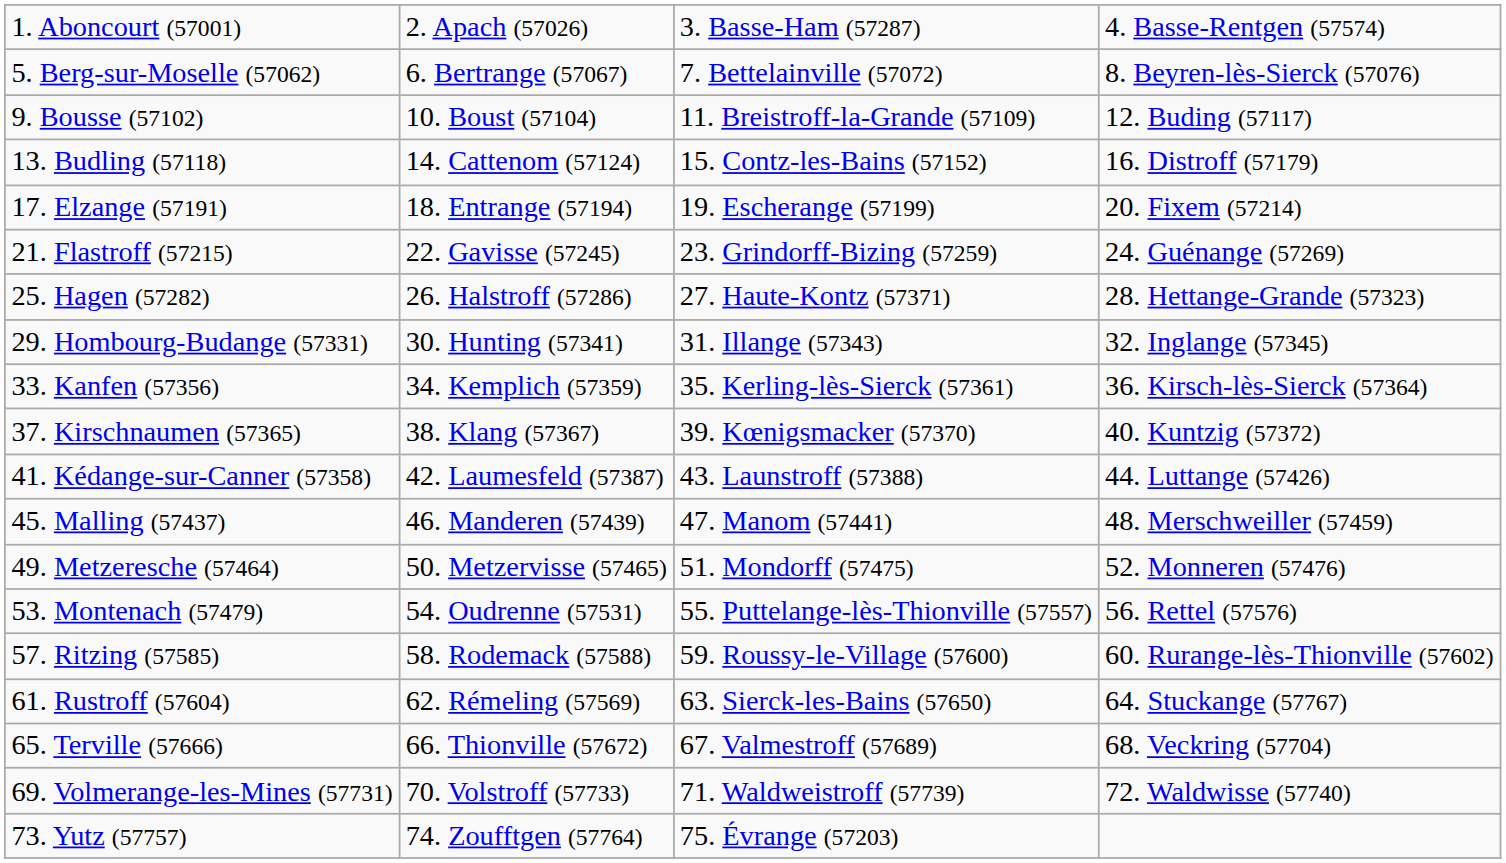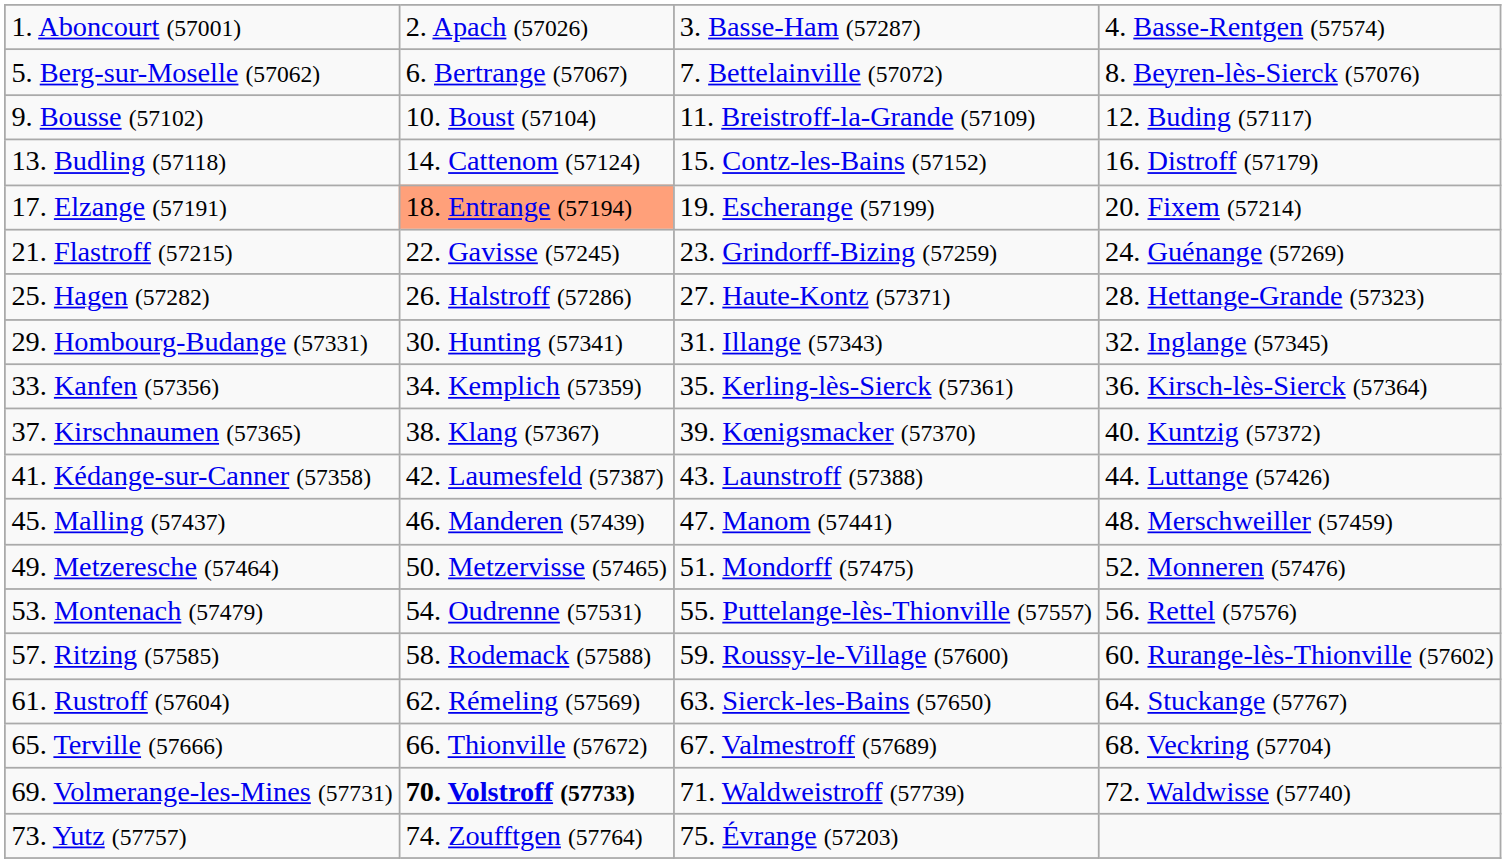 <table class="wikitable">
 <tr>
 <td>1. <a href='#'>Aboncourt</a> <small>(57001)</small></td>
 <td>2. <a href='#'>Apach</a> <small>(57026)</small></td>
 <td>3. <a href='#'>Basse-Ham</a> <small>(57287)</small></td>
 <td>4. <a href='#'>Basse-Rentgen</a> <small>(57574)</small></td>
 </tr>
 <tr>
 <td>5. <a href='#'>Berg-sur-Moselle</a> <small>(57062)</small></td>
 <td>6. <a href='#'>Bertrange</a> <small>(57067)</small></td>
 <td>7. <a href='#'>Bettelainville</a> <small>(57072)</small></td>
 <td>8. <a href='#'>Beyren-lès-Sierck</a> <small>(57076)</small></td>
 </tr>
 <tr>
 <td>9. <a href='#'>Bousse</a> <small>(57102)</small></td>
 <td>10. <a href='#'>Boust</a> <small>(57104)</small></td>
 <td>11. <a href='#'>Breistroff-la-Grande</a> <small>(57109)</small></td>
 <td>12. <a href='#'>Buding</a> <small>(57117)</small></td>
 </tr>
 <tr>
 <td>13. <a href='#'>Budling</a> <small>(57118)</small></td>
 <td>14. <a href='#'>Cattenom</a> <small>(57124)</small></td>
 <td>15. <a href='#'>Contz-les-Bains</a> <small>(57152)</small></td>
 <td>16. <a href='#'>Distroff</a> <small>(57179)</small></td>
 </tr>
 <tr>
 <td>17. <a href='#'>Elzange</a> <small>(57191)</small></td>
-<td>18. <a href='#'>Entrange</a> <small>(57194)</small></td>
+<td style="background: lightsalmon;">18. <a href='#'>Entrange</a> <small>(57194)</small></td>
 <td>19. <a href='#'>Escherange</a> <small>(57199)</small></td>
 <td>20. <a href='#'>Fixem</a> <small>(57214)</small></td>
 </tr>
 <tr>
 <td>21. <a href='#'>Flastroff</a> <small>(57215)</small></td>
 <td>22. <a href='#'>Gavisse</a> <small>(57245)</small></td>
 <td>23. <a href='#'>Grindorff-Bizing</a> <small>(57259)</small></td>
 <td>24. <a href='#'>Guénange</a> <small>(57269)</small></td>
 </tr>
 <tr>
 <td>25. <a href='#'>Hagen</a> <small>(57282)</small></td>
 <td>26. <a href='#'>Halstroff</a> <small>(57286)</small></td>
 <td>27. <a href='#'>Haute-Kontz</a> <small>(57371)</small></td>
 <td>28. <a href='#'>Hettange-Grande</a> <small>(57323)</small></td>
 </tr>
 <tr>
 <td>29. <a href='#'>Hombourg-Budange</a> <small>(57331)</small></td>
 <td>30. <a href='#'>Hunting</a> <small>(57341)</small></td>
 <td>31. <a href='#'>Illange</a> <small>(57343)</small></td>
 <td>32. <a href='#'>Inglange</a> <small>(57345)</small></td>
 </tr>
 <tr>
 <td>33. <a href='#'>Kanfen</a> <small>(57356)</small></td>
 <td>34. <a href='#'>Kemplich</a> <small>(57359)</small></td>
 <td>35. <a href='#'>Kerling-lès-Sierck</a> <small>(57361)</small></td>
 <td>36. <a href='#'>Kirsch-lès-Sierck</a> <small>(57364)</small></td>
 </tr>
 <tr>
 <td>37. <a href='#'>Kirschnaumen</a> <small>(57365)</small></td>
 <td>38. <a href='#'>Klang</a> <small>(57367)</small></td>
 <td>39. <a href='#'>Kœnigsmacker</a> <small>(57370)</small></td>
 <td>40. <a href='#'>Kuntzig</a> <small>(57372)</small></td>
 </tr>
 <tr>
 <td>41. <a href='#'>Kédange-sur-Canner</a> <small>(57358)</small></td>
 <td>42. <a href='#'>Laumesfeld</a> <small>(57387)</small></td>
 <td>43. <a href='#'>Launstroff</a> <small>(57388)</small></td>
 <td>44. <a href='#'>Luttange</a> <small>(57426)</small></td>
 </tr>
 <tr>
 <td>45. <a href='#'>Malling</a> <small>(57437)</small></td>
 <td>46. <a href='#'>Manderen</a> <small>(57439)</small></td>
 <td>47. <a href='#'>Manom</a> <small>(57441)</small></td>
 <td>48. <a href='#'>Merschweiller</a> <small>(57459)</small></td>
 </tr>
 <tr>
 <td>49. <a href='#'>Metzeresche</a> <small>(57464)</small></td>
 <td>50. <a href='#'>Metzervisse</a> <small>(57465)</small></td>
 <td>51. <a href='#'>Mondorff</a> <small>(57475)</small></td>
 <td>52. <a href='#'>Monneren</a> <small>(57476)</small></td>
 </tr>
 <tr>
 <td>53. <a href='#'>Montenach</a> <small>(57479)</small></td>
 <td>54. <a href='#'>Oudrenne</a> <small>(57531)</small></td>
 <td>55. <a href='#'>Puttelange-lès-Thionville</a> <small>(57557)</small></td>
 <td>56. <a href='#'>Rettel</a> <small>(57576)</small></td>
 </tr>
 <tr>
 <td>57. <a href='#'>Ritzing</a> <small>(57585)</small></td>
 <td>58. <a href='#'>Rodemack</a> <small>(57588)</small></td>
 <td>59. <a href='#'>Roussy-le-Village</a> <small>(57600)</small></td>
 <td>60. <a href='#'>Rurange-lès-Thionville</a> <small>(57602)</small></td>
 </tr>
 <tr>
 <td>61. <a href='#'>Rustroff</a> <small>(57604)</small></td>
 <td>62. <a href='#'>Rémeling</a> <small>(57569)</small></td>
 <td>63. <a href='#'>Sierck-les-Bains</a> <small>(57650)</small></td>
 <td>64. <a href='#'>Stuckange</a> <small>(57767)</small></td>
 </tr>
 <tr>
 <td>65. <a href='#'>Terville</a> <small>(57666)</small></td>
 <td>66. <a href='#'>Thionville</a> <small>(57672)</small></td>
 <td>67. <a href='#'>Valmestroff</a> <small>(57689)</small></td>
 <td>68. <a href='#'>Veckring</a> <small>(57704)</small></td>
 </tr>
 <tr>
 <td>69. <a href='#'>Volmerange-les-Mines</a> <small>(57731)</small></td>
-<td>70. <a href='#'>Volstroff</a> <small>(57733)</small></td>
+<td><strong>70. <a href='#'>Volstroff</a> <small>(57733)</small></strong></td>
 <td>71. <a href='#'>Waldweistroff</a> <small>(57739)</small></td>
 <td>72. <a href='#'>Waldwisse</a> <small>(57740)</small></td>
 </tr>
 <tr>
 <td>73. <a href='#'>Yutz</a> <small>(57757)</small></td>
 <td>74. <a href='#'>Zoufftgen</a> <small>(57764)</small></td>
 <td>75. <a href='#'>Évrange</a> <small>(57203)</small></td>
 <td></td>
 </tr>
 </table>
